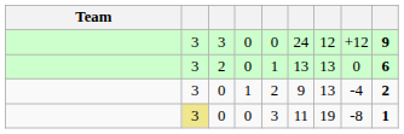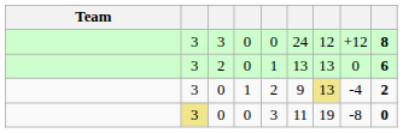 <table class="wikitable" style="text-align: center;">
 <tr>
 <th width="175">Team</th>
 <th width="20"></th>
 <th width="20"></th>
 <th width="20"></th>
 <th width="20"></th>
 <th width="20"></th>
 <th width="20"></th>
 <th width="20"></th>
 <th width="20"></th>
 </tr>
 <tr align=center bgcolor="#ccffcc">
 <td style="text-align:left;"></td>
 <td>3</td>
 <td>3</td>
 <td>0</td>
 <td>0</td>
 <td>24</td>
 <td>12</td>
 <td>+12</td>
-<td><strong>9</strong></td>
+<td><strong>8</strong></td>
 </tr>
 <tr align=center bgcolor="#ccffcc">
 <td style="text-align:left;"></td>
 <td>3</td>
 <td>2</td>
 <td>0</td>
 <td>1</td>
 <td>13</td>
 <td>13</td>
 <td>0</td>
 <td><strong>6</strong></td>
 </tr>
 <tr align=center>
 <td style="text-align:left;"></td>
 <td>3</td>
 <td>0</td>
 <td>1</td>
 <td>2</td>
 <td>9</td>
-<td>13</td>
+<td style="background: khaki;">13</td>
 <td>-4</td>
 <td><strong>2</strong></td>
 </tr>
 <tr align=center>
 <td style="text-align:left;"></td>
 <td style="background: khaki;">3</td>
 <td>0</td>
 <td>0</td>
 <td>3</td>
 <td>11</td>
 <td>19</td>
 <td>-8</td>
-<td><strong>1</strong></td>
+<td><strong>0</strong></td>
 </tr>
 </table>
